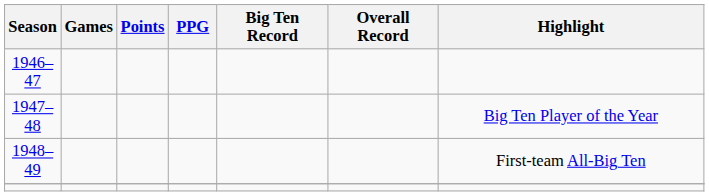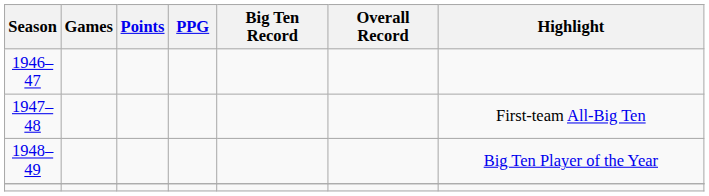 <table class="wikitable sortable" style="text-align:center">
 <tr>
 <th width=40px>Season</th>
 <th width=40px>Games</th>
 <th width=40px><a href='#'>Points</a></th>
 <th width=40px><a href='#'>PPG</a></th>
 <th width=100px>Big Ten <br>Record</th>
 <th width=100px>Overall <br>Record</th>
 <th width=250px>Highlight</th>
 </tr>
 <tr>
 <td><a href='#'>1946–47</a></td>
 <td></td>
 <td></td>
 <td></td>
 <td></td>
 <td></td>
 <td></td>
 </tr>
 <tr>
 <td><a href='#'>1947–48</a></td>
 <td></td>
 <td></td>
 <td></td>
 <td></td>
 <td></td>
-<td><a href='#'>Big Ten Player of the Year</a></td>
+<td>First-team <a href='#'>All-Big Ten</a></td>
 </tr>
 <tr>
 <td><a href='#'>1948–49</a></td>
 <td></td>
 <td></td>
 <td></td>
 <td></td>
 <td></td>
-<td>First-team <a href='#'>All-Big Ten</a></td>
+<td><a href='#'>Big Ten Player of the Year</a></td>
 </tr>
 <tr>
 </tr>
 <tr class="sortbottom">
 <td></td>
 <td></td>
 <td></td>
 <td></td>
 <td></td>
 <td></td>
 <td></td>
 </tr>
 </table>
